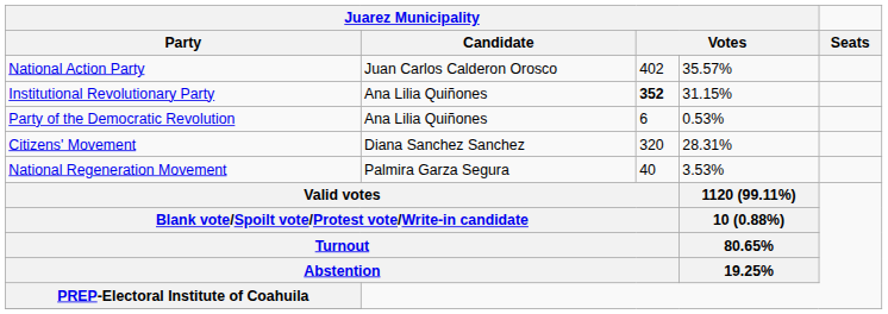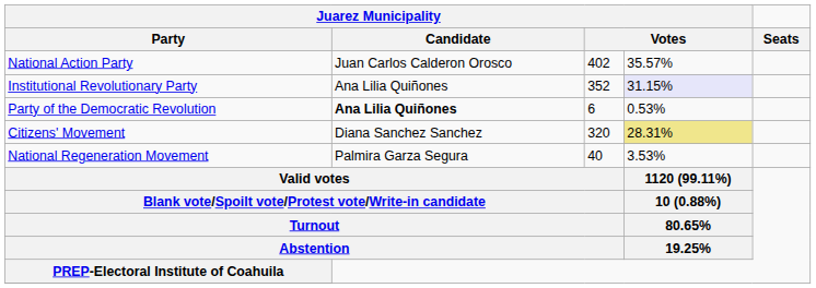 <table class="wikitable collapsible collapsed" style="font-size:95%; width:72%; line-height:126%; margin-bottom:0">
 <tr>
 <th Colspan = 4><strong><a href='#'>Juarez Municipality</a></strong></th>
 </tr>
 <tr style="background:#efefef;">
 <th Colspan = 1><strong>Party</strong></th>
 <th Colspan = 1><strong>Candidate</strong></th>
 <th Colspan = 2><strong>Votes</strong></th>
 <th Colspan = 1><strong>Seats</strong></th>
 </tr>
 <tr>
 <td> <a href='#'>National Action Party</a></td>
 <td>Juan Carlos Calderon Orosco</td>
 <td>402</td>
 <td>35.57%</td>
 <td></td>
 </tr>
 <tr>
 <td> <a href='#'>Institutional Revolutionary Party</a></td>
 <td>Ana Lilia Quiñones</td>
-<td><strong>352</strong></td>
-<td>31.15%</td>
+<td>352</td>
+<td style="background: lavender;">31.15%</td>
 <td></td>
 </tr>
 <tr>
 <td> <a href='#'>Party of the Democratic Revolution</a></td>
-<td>Ana Lilia Quiñones</td>
+<td><strong>Ana Lilia Quiñones</strong></td>
 <td>6</td>
 <td>0.53%</td>
 <td></td>
 </tr>
 <tr>
 <td> <a href='#'>Citizens' Movement</a></td>
 <td>Diana Sanchez Sanchez</td>
 <td>320</td>
-<td>28.31%</td>
+<td style="background: khaki;">28.31%</td>
 <td></td>
 </tr>
 <tr>
 <td> <a href='#'>National Regeneration Movement</a></td>
 <td>Palmira Garza Segura</td>
 <td>40</td>
 <td>3.53%</td>
 <td></td>
 </tr>
 <tr>
 <th Colspan = 3><strong>Valid votes</strong></th>
 <th>1120 (99.11%)</th>
 </tr>
 <tr>
 <th Colspan = 3><strong><a href='#'>Blank vote</a>/<a href='#'>Spoilt vote</a>/<a href='#'>Protest vote</a>/<a href='#'>Write-in candidate</a></strong></th>
 <th>10 (0.88%)</th>
 </tr>
 <tr>
 <th Colspan = 3><strong><a href='#'>Turnout</a></strong></th>
 <th>80.65%</th>
 </tr>
 <tr>
 <th Colspan = 3><strong><a href='#'>Abstention</a></strong></th>
 <th>19.25%</th>
 </tr>
 <tr>
 <th Colspan =><a href='#'>PREP</a>-Electoral Institute of Coahuila </th>
 </tr>
 <tr>
 </tr>
 </table>
